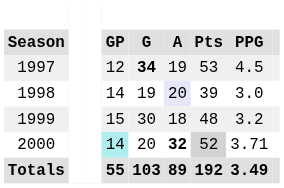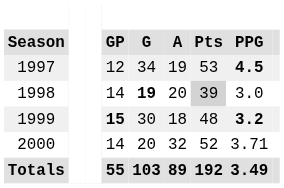 <table BORDER="0" CELLPADDING="3" CELLSPACING="0">
 <tr ALIGN="center" bgcolor="#e0e0e0">
 <th colspan="1" bgcolor="#ffffff"> </th>
 <th rowspan="99" bgcolor="#ffffff"> </th>
 <th rowspan="99" bgcolor="#ffffff"> </th>
 </tr>
 <tr ALIGN="center" bgcolor="#e0e0e0">
 <th>Season</th>
 <th>GP</th>
 <th>G</th>
 <th>A</th>
 <th>Pts</th>
 <th>PPG</th>
 <th></th>
 </tr>
 <tr ALIGN="center" bgcolor="#f0f0f0">
 <td>1997</td>
 <td>12</td>
-<td><strong>34</strong></td>
+<td>34</td>
 <td>19</td>
 <td>53</td>
-<td>4.5</td>
+<td><strong>4.5</strong></td>
 <td></td>
 </tr>
 <tr ALIGN="center">
 <td>1998</td>
 <td>14</td>
-<td>19</td>
-<td style="background: lavender;">20</td>
-<td>39</td>
+<td><strong>19</strong></td>
+<td>20</td>
+<td style="background: lightgrey;">39</td>
 <td>3.0</td>
 <td></td>
 </tr>
 <tr ALIGN="center" bgcolor="#f0f0f0">
 <td>1999</td>
-<td>15</td>
+<td><strong>15</strong></td>
 <td>30</td>
 <td>18</td>
 <td>48</td>
-<td>3.2</td>
+<td><strong>3.2</strong></td>
 <td></td>
 </tr>
 <tr ALIGN="center">
 <td>2000</td>
-<td style="background: paleturquoise;">14</td>
+<td>14</td>
 <td>20</td>
-<td><strong>32</strong></td>
-<td style="background: lightgrey;">52</td>
+<td>32</td>
+<td>52</td>
 <td>3.71</td>
 <td></td>
 </tr>
 <tr ALIGN="center" bgcolor="#e0e0e0">
 <th colspan="1.5">Totals</th>
 <th>55</th>
 <th>103</th>
 <th>89</th>
 <th>192</th>
 <th>3.49</th>
 <th></th>
 </tr>
 </table>
